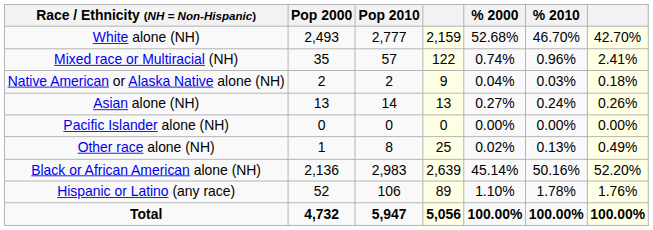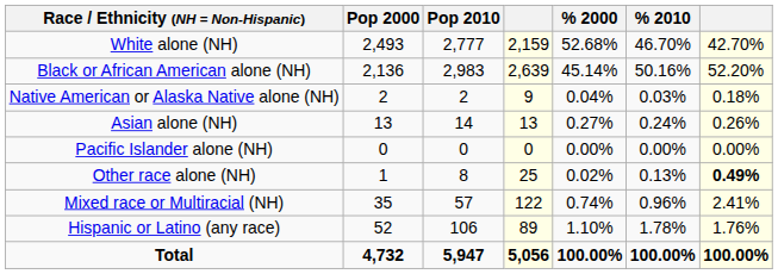 <table class="wikitable" style="text-align:center;">
 <tr>
 <th>Race / Ethnicity <small>(<em>NH = Non-Hispanic</em>)</small></th>
 <th>Pop 2000</th>
 <th>Pop 2010</th>
 <th></th>
 <th>% 2000</th>
 <th>% 2010</th>
 <th></th>
 </tr>
 <tr>
 <td><a href='#'>White</a> alone (NH)</td>
 <td>2,493</td>
 <td>2,777</td>
 <td style='background: #ffffe6;'>2,159</td>
 <td>52.68%</td>
 <td>46.70%</td>
 <td style='background: #ffffe6;'>42.70%</td>
 </tr>
 <tr>
-<td><a href='#'>Mixed race or Multiracial</a> (NH)</td>
-<td>35</td>
-<td>57</td>
-<td style='background: #ffffe6;'>122</td>
-<td>0.74%</td>
-<td>0.96%</td>
-<td style='background: #ffffe6;'>2.41%</td>
+<td><a href='#'>Black or African American</a> alone (NH)</td>
+<td>2,136</td>
+<td>2,983</td>
+<td style='background: #ffffe6;'>2,639</td>
+<td>45.14%</td>
+<td>50.16%</td>
+<td style='background: #ffffe6;'>52.20%</td>
 </tr>
 <tr>
 <td><a href='#'>Native American</a> or <a href='#'>Alaska Native</a> alone (NH)</td>
 <td>2</td>
 <td>2</td>
 <td style='background: #ffffe6;'>9</td>
 <td>0.04%</td>
 <td>0.03%</td>
 <td style='background: #ffffe6;'>0.18%</td>
 </tr>
 <tr>
 <td><a href='#'>Asian</a> alone (NH)</td>
 <td>13</td>
 <td>14</td>
 <td style='background: #ffffe6;'>13</td>
 <td>0.27%</td>
 <td>0.24%</td>
 <td style='background: #ffffe6;'>0.26%</td>
 </tr>
 <tr>
 <td><a href='#'>Pacific Islander</a> alone (NH)</td>
 <td>0</td>
 <td>0</td>
 <td style='background: #ffffe6;'>0</td>
 <td>0.00%</td>
 <td>0.00%</td>
 <td style='background: #ffffe6;'>0.00%</td>
 </tr>
 <tr>
 <td><a href='#'>Other race</a> alone (NH)</td>
 <td>1</td>
 <td>8</td>
 <td style='background: #ffffe6;'>25</td>
 <td>0.02%</td>
 <td>0.13%</td>
-<td style='background: #ffffe6;'>0.49%</td>
+<td style='background: #ffffe6;'><strong>0.49%</strong></td>
 </tr>
 <tr>
-<td><a href='#'>Black or African American</a> alone (NH)</td>
-<td>2,136</td>
-<td>2,983</td>
-<td style='background: #ffffe6;'>2,639</td>
-<td>45.14%</td>
-<td>50.16%</td>
-<td style='background: #ffffe6;'>52.20%</td>
+<td><a href='#'>Mixed race or Multiracial</a> (NH)</td>
+<td>35</td>
+<td>57</td>
+<td style='background: #ffffe6;'>122</td>
+<td>0.74%</td>
+<td>0.96%</td>
+<td style='background: #ffffe6;'>2.41%</td>
 </tr>
 <tr>
 <td><a href='#'>Hispanic or Latino</a> (any race)</td>
 <td>52</td>
 <td>106</td>
 <td style='background: #ffffe6;'>89</td>
 <td>1.10%</td>
 <td>1.78%</td>
 <td style='background: #ffffe6;'>1.76%</td>
 </tr>
 <tr>
 <td><strong>Total</strong></td>
 <td><strong>4,732</strong></td>
 <td><strong>5,947</strong></td>
 <td style='background: #ffffe6;'><strong>5,056</strong></td>
 <td><strong>100.00%</strong></td>
 <td><strong>100.00%</strong></td>
 <td style='background: #ffffe6;'><strong>100.00%</strong></td>
 </tr>
 </table>
